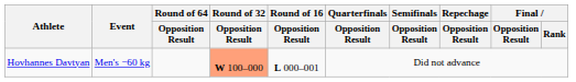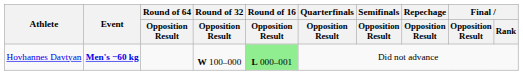 <table class="wikitable" style="font-size:90%">
 <tr>
 <th rowspan="2">Athlete</th>
 <th rowspan="2">Event</th>
 <th>Round of 64</th>
 <th>Round of 32</th>
 <th>Round of 16</th>
 <th>Quarterfinals</th>
 <th>Semifinals</th>
 <th>Repechage</th>
 <th colspan=2>Final / </th>
 </tr>
 <tr style="font-size:95%">
 <th>Opposition<br>Result</th>
 <th>Opposition<br>Result</th>
 <th>Opposition<br>Result</th>
 <th>Opposition<br>Result</th>
 <th>Opposition<br>Result</th>
 <th>Opposition<br>Result</th>
 <th>Opposition<br>Result</th>
 <th>Rank</th>
 </tr>
 <tr align=center>
 <td align=left><a href='#'>Hovhannes Davtyan</a></td>
-<td align=left><a href='#'>Men's −60 kg</a></td>
+<td align=left><strong><a href='#'>Men's −60 kg</a></strong></td>
 <td></td>
-<td style="background: lightsalmon;"><br><strong>W</strong> 100–000</td>
-<td><br><strong>L</strong> 000–001</td>
+<td><br><strong>W</strong> 100–000</td>
+<td style="background: lightgreen;"><br><strong>L</strong> 000–001</td>
 <td colspan=5>Did not advance</td>
 </tr>
 </table>
